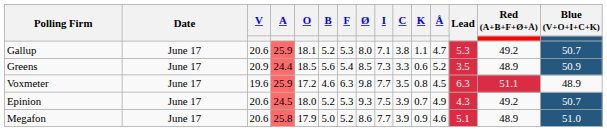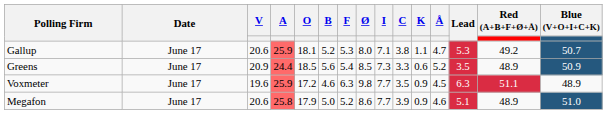 <table class="wikitable" style="text-align:center; font-size:90%; line-height:16px;">
 <tr style="background-color:#E9E9E9; height:42px;">
 <th style="width:150px;" rowspan="2">Polling Firm</th>
 <th style="width:160px;" rowspan="2">Date</th>
 <th><a href='#'>V</a></th>
 <th><a href='#'>A</a></th>
 <th><a href='#'>O</a></th>
 <th><a href='#'>B</a></th>
 <th><a href='#'>F</a></th>
 <th><a href='#'>Ø</a></th>
 <th><a href='#'>I</a></th>
 <th><a href='#'>C</a></th>
 <th><a href='#'>K</a></th>
 <th><a href='#'>Å</a></th>
 <th style="width:20px;" rowspan="2">Lead</th>
 <th>Red <br> <small> (A+B+F+Ø+Å)</small></th>
 <th>Blue <br> <small> (V+O+I+C+K)</small></th>
 </tr>
 <tr>
 <th style="background:"></th>
 <th style="background:"></th>
 <th style="background:"></th>
 <th style="background:"></th>
 <th style="background:"></th>
 <th style="background:"></th>
 <th style="background:"></th>
 <th style="background:"></th>
 <th style="background:"></th>
 <th style="background:"></th>
 <th style="background:#FF0000; width:40px;"></th>
 <th style="background:#25587E; width:40px;"></th>
 </tr>
 <tr>
 <td align="left">Gallup</td>
 <td>June 17</td>
 <td>20.6</td>
 <td align="center" style="background:#FF6A6A">25.9</td>
 <td>18.1</td>
 <td>5.2</td>
 <td>5.3</td>
 <td>8.0</td>
 <td>7.1</td>
 <td>3.8</td>
 <td>1.1</td>
 <td>4.7</td>
 <td style="background:#DA2C43; color:white;">5.3</td>
 <td>49.2</td>
 <td style="background:#25587E; color:white;">50.7</td>
 </tr>
 <tr>
 <td align="left">Greens</td>
 <td>June 17</td>
 <td>20.9</td>
 <td align="center" style="background:#FF6A6A">24.4</td>
 <td>18.5</td>
 <td>5.6</td>
 <td>5.4</td>
 <td>8.5</td>
 <td>7.3</td>
 <td>3.3</td>
 <td>0.6</td>
 <td>5.2</td>
 <td style="background:#DA2C43; color:white;">3.5</td>
 <td>48.9</td>
 <td style="background:#25587E; color:white;">50.9</td>
 </tr>
 <tr>
 <td align="left">Voxmeter</td>
 <td>June 17</td>
 <td>19.6</td>
 <td align="center" style="background:#FF6A6A">25.9</td>
 <td>17.2</td>
 <td>4.6</td>
 <td>6.3</td>
 <td>9.8</td>
 <td>7.7</td>
 <td>3.5</td>
-<td>0.8</td>
+<td>0.9</td>
 <td>4.5</td>
 <td style="background:#DA2C43; color:white;">6.3</td>
 <td style="background:#DA2C43; color:white;">51.1</td>
 <td>48.9</td>
-</tr>
-<tr>
-<td align="left">Epinion</td>
-<td>June 17</td>
-<td>20.6</td>
-<td align="center" style="background:#FF6A6A">24.5</td>
-<td>18.0</td>
-<td>5.2</td>
-<td>5.3</td>
-<td>9.3</td>
-<td>7.5</td>
-<td>3.9</td>
-<td>0.7</td>
-<td>4.9</td>
-<td style="background:#DA2C43; color:white;">4.3</td>
-<td>49.2</td>
-<td style="background:#25587E; color:white;">50.7</td>
 </tr>
 <tr>
 <td align="left">Megafon</td>
 <td>June 17</td>
 <td>20.6</td>
 <td align="center" style="background:#FF6A6A">25.8</td>
 <td>17.9</td>
 <td>5.0</td>
 <td>5.2</td>
 <td>8.6</td>
 <td>7.7</td>
 <td>3.9</td>
 <td>0.9</td>
 <td>4.6</td>
 <td style="background:#DA2C43; color:white;">5.1</td>
 <td>48.9</td>
 <td style="background:#25587E; color:white;">51.0</td>
 </tr>
 </table>
